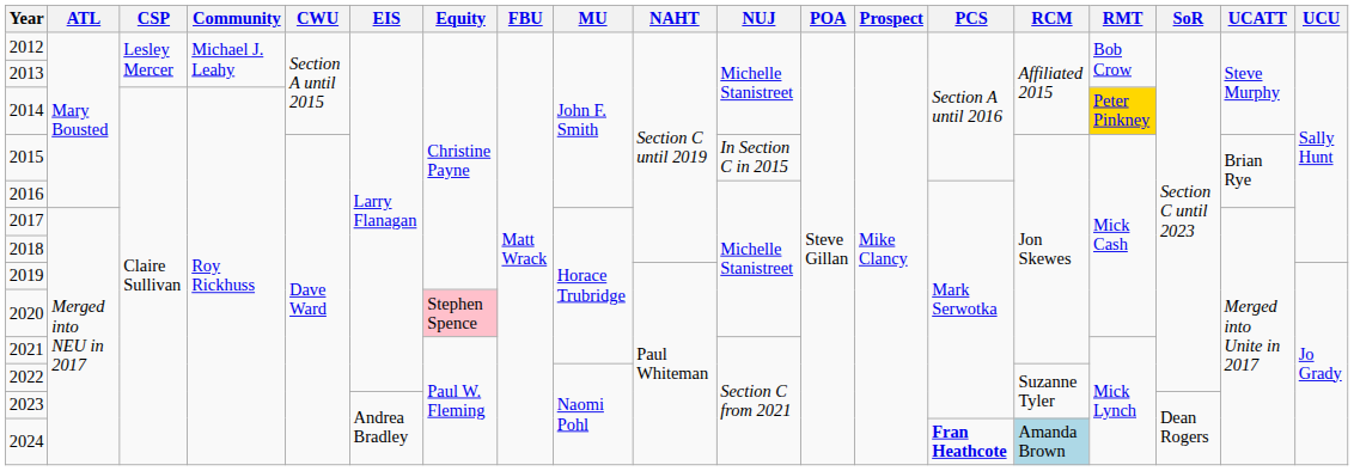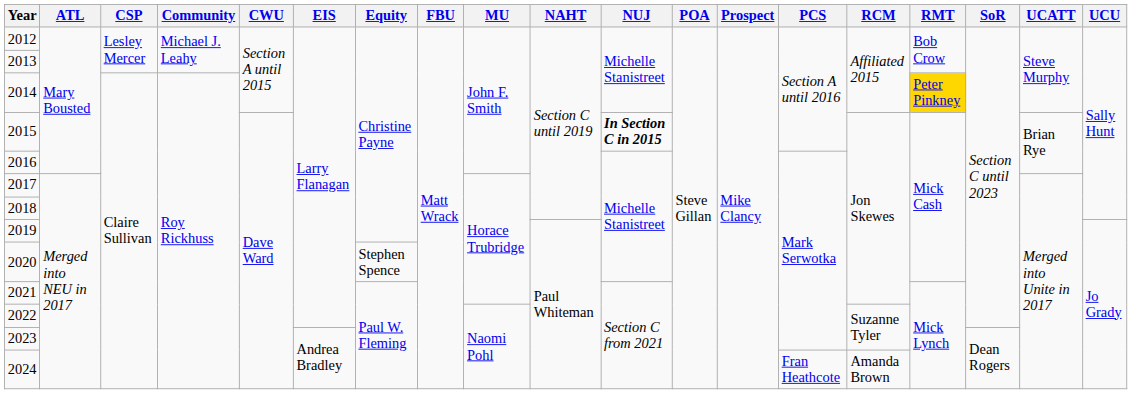 <table class="wikitable">
 <tr>
 <th>Year</th>
 <th><a href='#'>ATL</a></th>
 <th><a href='#'>CSP</a></th>
 <th><a href='#'>Community</a></th>
 <th><a href='#'>CWU</a></th>
 <th><a href='#'>EIS</a></th>
 <th><a href='#'>Equity</a></th>
 <th><a href='#'>FBU</a></th>
 <th><a href='#'>MU</a></th>
 <th><a href='#'>NAHT</a></th>
 <th><a href='#'>NUJ</a></th>
 <th><a href='#'>POA</a></th>
 <th><a href='#'>Prospect</a></th>
 <th><a href='#'>PCS</a></th>
 <th><a href='#'>RCM</a></th>
 <th><a href='#'>RMT</a></th>
 <th><a href='#'>SoR</a></th>
 <th><a href='#'>UCATT</a></th>
 <th><a href='#'>UCU</a></th>
 </tr>
 <tr>
 <td>2012</td>
 <td rowspan=5><a href='#'>Mary Bousted</a></td>
 <td rowspan=2><a href='#'>Lesley Mercer</a></td>
 <td rowspan=2><a href='#'>Michael J. Leahy</a></td>
 <td rowspan=3><em>Section A until 2015</em></td>
 <td rowspan=11><a href='#'>Larry Flanagan</a></td>
 <td rowspan=8><a href='#'>Christine Payne</a></td>
 <td rowspan=13><a href='#'>Matt Wrack</a></td>
 <td rowspan=5><a href='#'>John F. Smith</a></td>
 <td rowspan=7><em>Section C until 2019</em></td>
 <td rowspan=3><a href='#'>Michelle Stanistreet</a></td>
 <td rowspan=13>Steve Gillan</td>
 <td rowspan=13><a href='#'>Mike Clancy</a></td>
 <td rowspan=4><em>Section A until 2016</em></td>
 <td rowspan=3><em>Affiliated 2015</em></td>
 <td rowspan=2><a href='#'>Bob Crow</a></td>
 <td rowspan=11><em>Section C until 2023</em></td>
 <td rowspan=3><a href='#'>Steve Murphy</a></td>
 <td rowspan=7><a href='#'>Sally Hunt</a></td>
 </tr>
 <tr>
 <td>2013</td>
 </tr>
 <tr>
 <td>2014</td>
 <td rowspan=11>Claire Sullivan</td>
 <td rowspan=11><a href='#'>Roy Rickhuss</a></td>
 <td style="background: gold;"><a href='#'>Peter Pinkney</a></td>
 </tr>
 <tr>
 <td>2015</td>
 <td rowspan=10><a href='#'>Dave Ward</a></td>
-<td><em>In Section C in 2015</em></td>
+<td><strong><em>In Section C in 2015</em></strong></td>
 <td rowspan=7>Jon Skewes</td>
 <td rowspan=6><a href='#'>Mick Cash</a></td>
 <td rowspan=2>Brian Rye</td>
 </tr>
 <tr>
 <td>2016</td>
 <td rowspan=5><a href='#'>Michelle Stanistreet</a></td>
 <td rowspan=8><a href='#'>Mark Serwotka</a></td>
 </tr>
 <tr>
 <td>2017</td>
 <td rowspan=8><em>Merged into NEU in 2017</em></td>
 <td rowspan=5><a href='#'>Horace Trubridge</a></td>
 <td rowspan=8><em>Merged into Unite in 2017</em></td>
 </tr>
 <tr>
 <td>2018</td>
 </tr>
 <tr>
 <td>2019</td>
 <td rowspan=6>Paul Whiteman</td>
 <td rowspan=6><a href='#'>Jo Grady</a></td>
 </tr>
 <tr>
 <td>2020</td>
-<td style="background: pink;">Stephen Spence</td>
+<td>Stephen Spence</td>
 </tr>
 <tr>
 <td>2021</td>
 <td rowspan=4><a href='#'>Paul W. Fleming</a></td>
 <td rowspan=4><em>Section C from 2021</em></td>
 <td rowspan=4><a href='#'>Mick Lynch</a></td>
 </tr>
 <tr>
 <td>2022</td>
 <td rowspan=3><a href='#'>Naomi Pohl</a></td>
 <td rowspan=2>Suzanne Tyler</td>
 </tr>
 <tr>
 <td>2023</td>
 <td rowspan=2>Andrea Bradley</td>
 <td rowspan=2>Dean Rogers</td>
 </tr>
 <tr>
 <td>2024</td>
-<td><strong><a href='#'>Fran Heathcote</a></strong></td>
-<td style="background: lightblue;">Amanda Brown</td>
+<td><a href='#'>Fran Heathcote</a></td>
+<td>Amanda Brown</td>
 </tr>
 </table>
